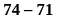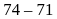 <table style="text-align:center">
 <tr>
 <th width=200></th>
 <th width=100></th>
 <th width=200></th>
 <th></th>
 </tr>
 <tr>
 <td align=right><strong></strong></td>
-<td><strong>74 – 71</strong></td>
+<td>74 – 71</td>
 <td align=left></td>
 </tr>
 </table>
